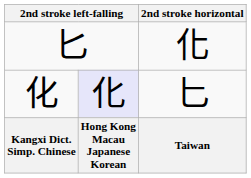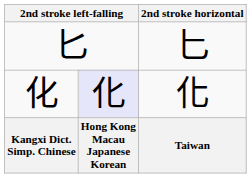 <table class="wikitable" style="text-align:center; margin: auto;">
 <tr>
 <th colspan="2">2nd stroke left-falling</th>
 <th>2nd stroke horizontal</th>
 </tr>
 <tr style="font-size:300%; font-family:serif; line-height:100%;">
 <td lang="zh-cn" colspan="2">匕</td>
-<td lang="zh-tw">化</td>
+<td lang="zh-tw">匕</td>
 </tr>
 <tr style="font-size:300%; font-family:serif; line-height:100%;">
 <td lang="zh-cn">化</td>
 <td lang="ja" style="background: lavender;">化</td>
-<td lang="zh-tw">匕</td>
+<td lang="zh-tw">化</td>
 </tr>
 <tr>
 <th>Kangxi Dict.<br>Simp. Chinese</th>
 <th>Hong Kong<br>Macau<br>Japanese<br>Korean</th>
 <th>Taiwan</th>
 </tr>
 </table>
